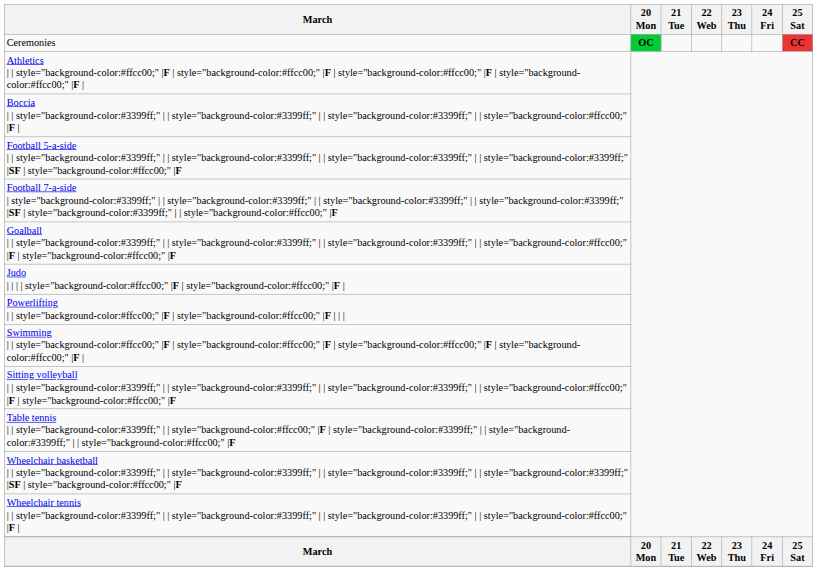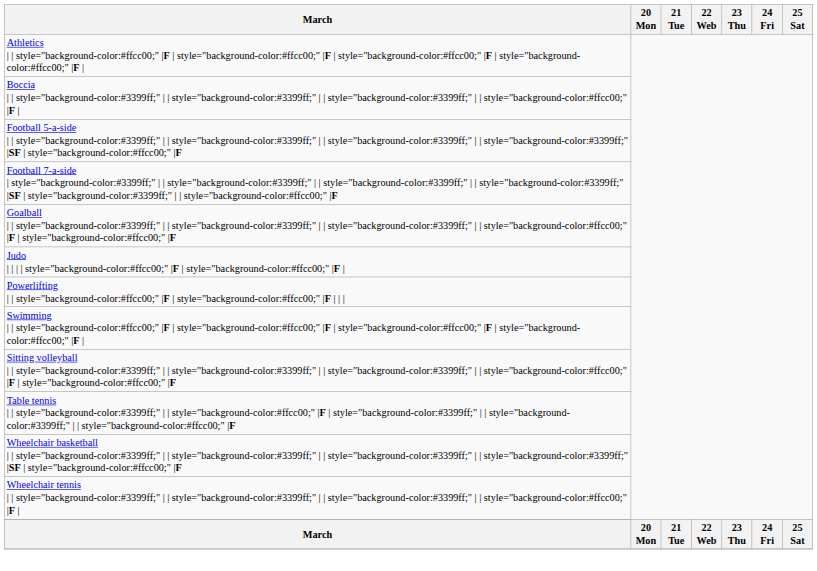 <table class="wikitable" style="margin:0.5em auto; line-height:1.23em;">
 <tr>
 <th>March</th>
 <th style="width:2.5em">20<br>Mon</th>
 <th style="width:2.5em">21<br>Tue</th>
 <th style="width:2.5em">22<br>Web</th>
 <th style="width:2.5em">23<br>Thu</th>
 <th style="width:2.5em">24<br>Fri</th>
 <th style="width:2.5em">25<br>Sat</th>
-</tr>
-<tr>
-<td> Ceremonies</td>
-<td style="background:#0c3; text-align:center;"><strong>OC</strong></td>
-<td></td>
-<td></td>
-<td></td>
-<td></td>
-<td style="background:#e33; text-align:center;"><strong>CC</strong></td>
 </tr>
 <tr style="text-align:center;">
 <td style="text-align:left;"> <a href='#'>Athletics</a><br>|  | style="background-color:#ffcc00;" |<strong>F</strong> | style="background-color:#ffcc00;" |<strong>F</strong> | style="background-color:#ffcc00;" |<strong>F</strong> | style="background-color:#ffcc00;" |<strong>F</strong> |</td>
 </tr>
 <tr style="text-align:center;">
 <td style="text-align:left;"> <a href='#'>Boccia</a><br>|  | style="background-color:#3399ff;" | | style="background-color:#3399ff;" | | style="background-color:#3399ff;" | | style="background-color:#ffcc00;" |<strong>F</strong> |</td>
 </tr>
 <tr style="text-align:center;">
 <td style="text-align:left;"> <a href='#'>Football 5-a-side</a><br>|  | style="background-color:#3399ff;" | | style="background-color:#3399ff;" | | style="background-color:#3399ff;" | | style="background-color:#3399ff;" |<strong>SF</strong> | style="background-color:#ffcc00;" |<strong>F</strong></td>
 </tr>
 <tr style="text-align:center;">
 <td style="text-align:left;"> <a href='#'>Football 7-a-side</a><br>| style="background-color:#3399ff;" | | style="background-color:#3399ff;" | | style="background-color:#3399ff;" | | style="background-color:#3399ff;" |<strong>SF</strong> | style="background-color:#3399ff;" | | style="background-color:#ffcc00;" |<strong>F</strong></td>
 </tr>
 <tr style="text-align:center;">
 <td style="text-align:left;"> <a href='#'>Goalball</a><br>|  | style="background-color:#3399ff;" | | style="background-color:#3399ff;" | | style="background-color:#3399ff;" | | style="background-color:#ffcc00;" |<strong>F</strong> | style="background-color:#ffcc00;" |<strong>F</strong></td>
 </tr>
 <tr style="text-align:center;">
 <td style="text-align:left;"> <a href='#'>Judo</a><br>|  |  |  | style="background-color:#ffcc00;" |<strong>F</strong> | style="background-color:#ffcc00;" |<strong>F</strong> |</td>
 </tr>
 <tr style="text-align:center;">
 <td style="text-align:left;"> <a href='#'>Powerlifting</a><br>|  | style="background-color:#ffcc00;" |<strong>F</strong> | style="background-color:#ffcc00;" |<strong>F</strong> |  |  |</td>
 </tr>
 <tr style="text-align:center;">
 <td style="text-align:left;"> <a href='#'>Swimming</a><br>|  | style="background-color:#ffcc00;" |<strong>F</strong> | style="background-color:#ffcc00;" |<strong>F</strong> | style="background-color:#ffcc00;" |<strong>F</strong> | style="background-color:#ffcc00;" |<strong>F</strong> |</td>
 </tr>
 <tr style="text-align:center;">
 <td style="text-align:left;"> <a href='#'>Sitting volleyball</a><br>|  | style="background-color:#3399ff;" | | style="background-color:#3399ff;" | | style="background-color:#3399ff;" | | style="background-color:#ffcc00;" |<strong>F</strong> | style="background-color:#ffcc00;" |<strong>F</strong></td>
 </tr>
 <tr style="text-align:center;">
 <td style="text-align:left;"> <a href='#'>Table tennis</a><br>|  | style="background-color:#3399ff;" | | style="background-color:#ffcc00;" |<strong>F</strong> | style="background-color:#3399ff;" | | style="background-color:#3399ff;" | | style="background-color:#ffcc00;" |<strong>F</strong></td>
 </tr>
 <tr style="text-align:center;">
 <td style="text-align:left;"> <a href='#'>Wheelchair basketball</a><br>|  | style="background-color:#3399ff;" | | style="background-color:#3399ff;" | | style="background-color:#3399ff;" | | style="background-color:#3399ff;" |<strong>SF</strong> | style="background-color:#ffcc00;" |<strong>F</strong></td>
 </tr>
 <tr style="text-align:center;">
 <td style="text-align:left;"> <a href='#'>Wheelchair tennis</a><br>|  | style="background-color:#3399ff;" | | style="background-color:#3399ff;" | | style="background-color:#3399ff;" | | style="background-color:#ffcc00;" |<strong>F</strong> |</td>
 </tr>
 <tr>
 </tr>
 <tr>
 <th>March</th>
 <th style="width:2.5em">20<br>Mon</th>
 <th style="width:2.5em">21<br>Tue</th>
 <th style="width:2.5em">22<br>Web</th>
 <th style="width:2.5em">23<br>Thu</th>
 <th style="width:2.5em">24<br>Fri</th>
 <th style="width:2.5em">25<br>Sat</th>
 </tr>
 <tr>
 </tr>
 </table>
